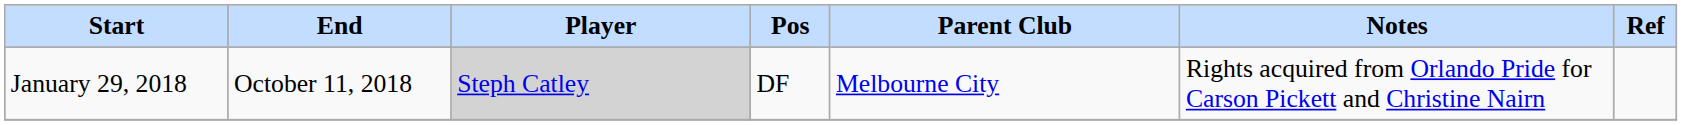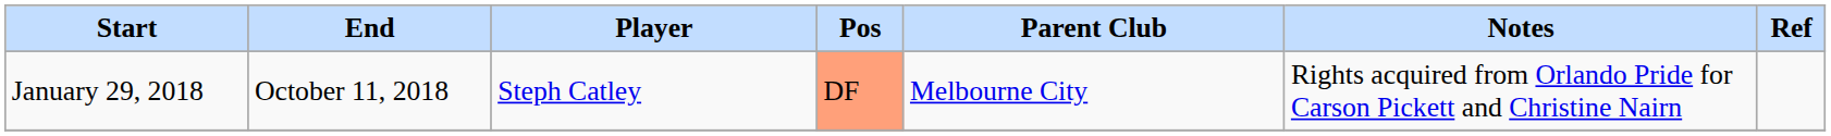 <table class="wikitable" style="text-align:left; font-size:95%;">
 <tr>
 <th style="background:#c2ddff; width:125px;">Start</th>
 <th style="background:#c2ddff; width:125px;">End</th>
 <th style="background:#c2ddff; width:170px;">Player</th>
 <th style="background:#c2ddff; width:40px;">Pos</th>
 <th style="background:#c2ddff; width:200px;">Parent Club</th>
 <th style="background:#c2ddff; width:250px;">Notes</th>
 <th style="background:#c2ddff; width:30px;">Ref</th>
 </tr>
 <tr>
 <td>January 29, 2018</td>
 <td>October 11, 2018</td>
-<td style="background: lightgrey;"> <a href='#'>Steph Catley</a></td>
-<td>DF</td>
+<td> <a href='#'>Steph Catley</a></td>
+<td style="background: lightsalmon;">DF</td>
 <td> <a href='#'>Melbourne City</a></td>
 <td>Rights acquired from <a href='#'>Orlando Pride</a> for <a href='#'>Carson Pickett</a> and <a href='#'>Christine Nairn</a></td>
 <td></td>
 </tr>
 <tr>
 </tr>
 </table>
